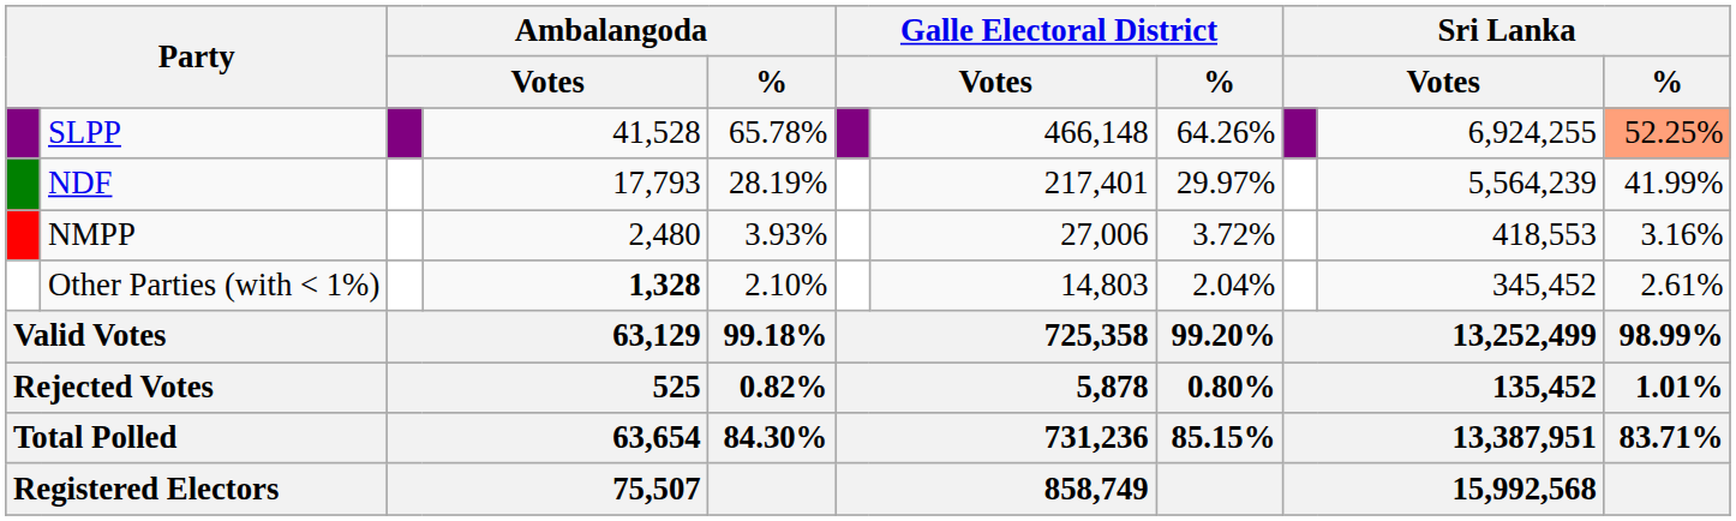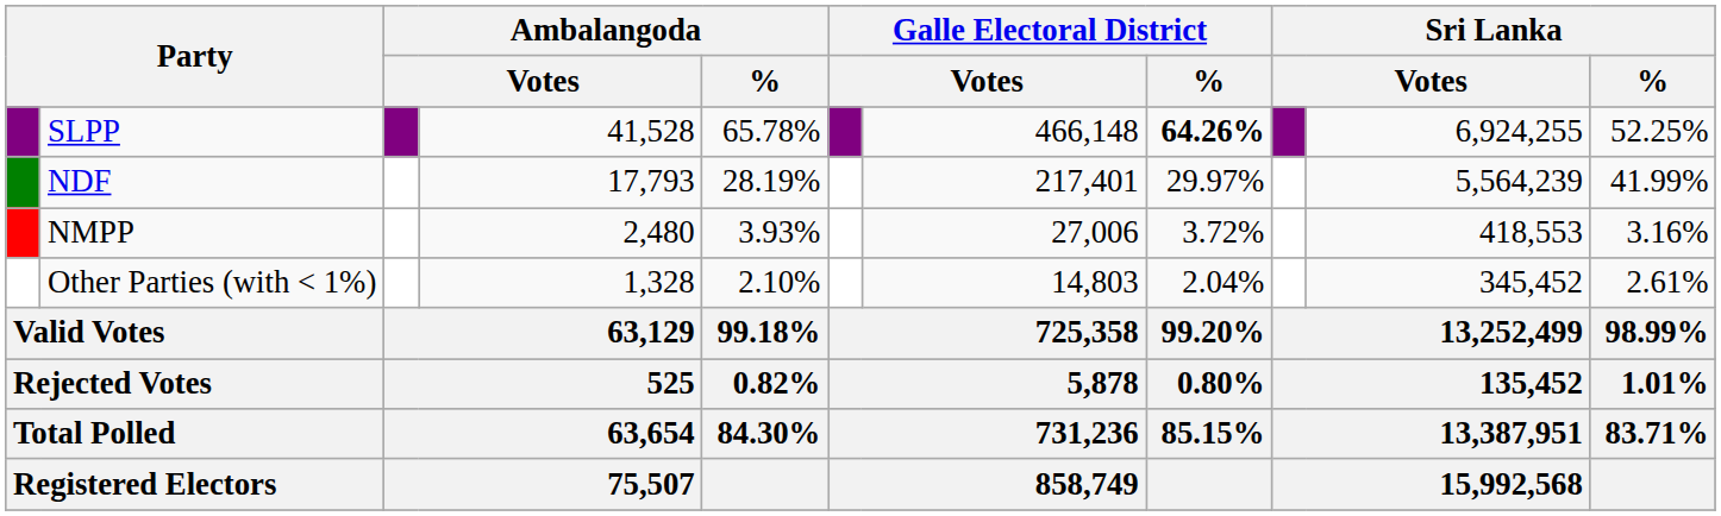 <table class="wikitable">
 <tr>
 <th colspan="2" width="144px"rowspan="2">Party</th>
 <th colspan="3" width="216px">Ambalangoda</th>
 <th colspan="3" width="216px"><a href='#'>Galle Electoral District</a></th>
 <th colspan="3" width="216px">Sri Lanka</th>
 </tr>
 <tr>
 <th colspan="2" width="144px">Votes</th>
 <th>%</th>
 <th colspan="2" width="144px">Votes</th>
 <th>%</th>
 <th colspan="2" width="144px">Votes</th>
 <th>%</th>
 </tr>
 <tr>
 <td style="background-color:purple;" width="10px"></td>
 <td style="text-align:left;"><a href='#'>SLPP</a></td>
 <td style="background-color:purple;" width="10px"></td>
 <td style="text-align:right;">41,528</td>
 <td style="text-align:right;">65.78%</td>
 <td style="background-color:purple;" width="10px"></td>
 <td style="text-align:right;">466,148</td>
-<td style="text-align:right;">64.26%</td>
+<td style="text-align:right;"><strong>64.26%</strong></td>
 <td style="background-color:purple;" width="10px"></td>
 <td style="text-align:right;">6,924,255</td>
-<td style="background: lightsalmon; text-align:right;">52.25%</td>
+<td style="text-align:right;">52.25%</td>
 </tr>
 <tr>
 <td style="background-color:green;" width="10px"></td>
 <td style="text-align:left;"><a href='#'>NDF</a></td>
 <td style="background-color:white;" width="10px"></td>
 <td style="text-align:right;">17,793</td>
 <td style="text-align:right;">28.19%</td>
 <td style="background-color:white;" width="10px"></td>
 <td style="text-align:right;">217,401</td>
 <td style="text-align:right;">29.97%</td>
 <td style="background-color:white;" width="10px"></td>
 <td style="text-align:right;">5,564,239</td>
 <td style="text-align:right;">41.99%</td>
 </tr>
 <tr>
 <td style="background-color:red;" width="10px"></td>
 <td style="text-align:left;">NMPP</td>
 <td style="background-color:white;" width="10px"></td>
 <td style="text-align:right;">2,480</td>
 <td style="text-align:right;">3.93%</td>
 <td style="background-color:white;" width="10px"></td>
 <td style="text-align:right;">27,006</td>
 <td style="text-align:right;">3.72%</td>
 <td style="background-color:white;" width="10px"></td>
 <td style="text-align:right;">418,553</td>
 <td style="text-align:right;">3.16%</td>
 </tr>
 <tr>
 <td style="background-color:white;" width="10px"></td>
 <td style="text-align:left;">Other Parties (with < 1%)</td>
 <td style="background-color:white;" width="10px"></td>
-<td style="text-align:right;"><strong>1,328</strong></td>
+<td style="text-align:right;">1,328</td>
 <td style="text-align:right;">2.10%</td>
 <td style="background-color:white;" width="10px"></td>
 <td style="text-align:right;">14,803</td>
 <td style="text-align:right;">2.04%</td>
 <td style="background-color:white;" width="10px"></td>
 <td style="text-align:right;">345,452</td>
 <td style="text-align:right;">2.61%</td>
 </tr>
 <tr>
 <th colspan="2" width="144px"style="text-align:left;">Valid Votes</th>
 <th style="text-align:right;"colspan="2" width="144px">63,129</th>
 <th style="text-align:right;">99.18%</th>
 <th style="text-align:right;"colspan="2" width="144px">725,358</th>
 <th style="text-align:right;">99.20%</th>
 <th style="text-align:right;"colspan="2" width="144px">13,252,499</th>
 <th style="text-align:right;">98.99%</th>
 </tr>
 <tr>
 <th colspan="2" width="144px"style="text-align:left;">Rejected Votes</th>
 <th style="text-align:right;"colspan="2" width="144px">525</th>
 <th style="text-align:right;">0.82%</th>
 <th style="text-align:right;"colspan="2" width="144px">5,878</th>
 <th style="text-align:right;">0.80%</th>
 <th style="text-align:right;"colspan="2" width="144px">135,452</th>
 <th style="text-align:right;">1.01%</th>
 </tr>
 <tr>
 <th colspan="2" width="144px"style="text-align:left;">Total Polled</th>
 <th style="text-align:right;"colspan="2" width="144px">63,654</th>
 <th style="text-align:right;">84.30%</th>
 <th style="text-align:right;"colspan="2" width="144px">731,236</th>
 <th style="text-align:right;">85.15%</th>
 <th style="text-align:right;"colspan="2" width="144px">13,387,951</th>
 <th style="text-align:right;">83.71%</th>
 </tr>
 <tr>
 <th colspan="2" width="144px"style="text-align:left;">Registered Electors</th>
 <th style="text-align:right;"colspan="2" width="144px">75,507</th>
 <th></th>
 <th style="text-align:right;"colspan="2" width="144px">858,749</th>
 <th></th>
 <th style="text-align:right;"colspan="2" width="144px">15,992,568</th>
 <th></th>
 </tr>
 </table>
